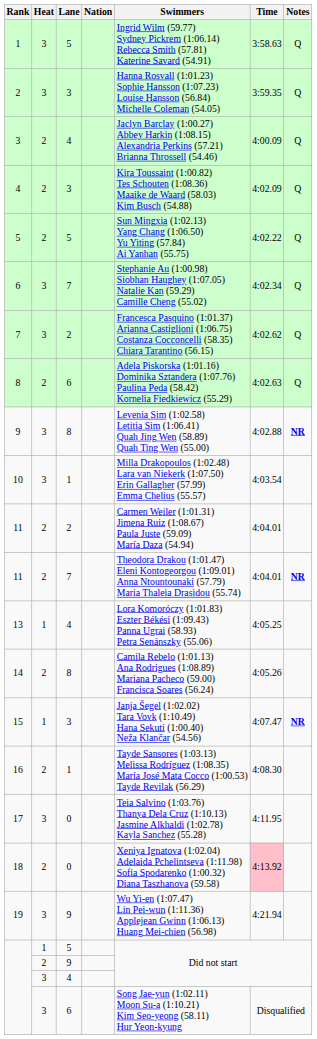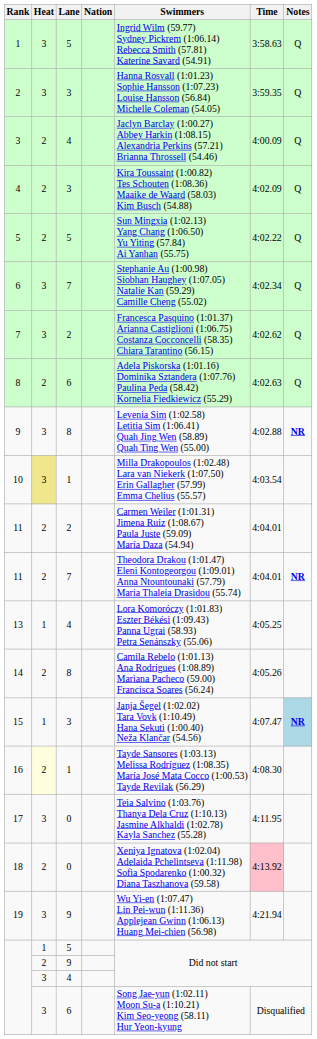 <table class="wikitable sortable" style="text-align:center">
 <tr>
 <th>Rank</th>
 <th>Heat</th>
 <th>Lane</th>
 <th>Nation</th>
 <th>Swimmers</th>
 <th>Time</th>
 <th>Notes</th>
 </tr>
 <tr bgcolor=ccffcc>
 <td>1</td>
 <td>3</td>
 <td>5</td>
 <td align=left></td>
 <td align=left><a href='#'>Ingrid Wilm</a> (59.77)<br><a href='#'>Sydney Pickrem</a> (1:06.14)<br><a href='#'>Rebecca Smith</a> (57.81)<br><a href='#'>Katerine Savard</a> (54.91)</td>
 <td>3:58.63</td>
 <td>Q</td>
 </tr>
 <tr bgcolor=ccffcc>
 <td>2</td>
 <td>3</td>
 <td>3</td>
 <td align=left></td>
 <td align=left><a href='#'>Hanna Rosvall</a> (1:01.23)<br><a href='#'>Sophie Hansson</a> (1:07.23)<br><a href='#'>Louise Hansson</a> (56.84)<br><a href='#'>Michelle Coleman</a> (54.05)</td>
 <td>3:59.35</td>
 <td>Q</td>
 </tr>
 <tr bgcolor=ccffcc>
 <td>3</td>
 <td>2</td>
 <td>4</td>
 <td align=left></td>
 <td align=left><a href='#'>Jaclyn Barclay</a> (1:00.27)<br><a href='#'>Abbey Harkin</a> (1:08.15)<br><a href='#'>Alexandria Perkins</a> (57.21)<br><a href='#'>Brianna Throssell</a> (54.46)</td>
 <td>4:00.09</td>
 <td>Q</td>
 </tr>
 <tr bgcolor=ccffcc>
 <td>4</td>
 <td>2</td>
 <td>3</td>
 <td align=left></td>
 <td align=left><a href='#'>Kira Toussaint</a> (1:00.82)<br><a href='#'>Tes Schouten</a> (1:08.36)<br><a href='#'>Maaike de Waard</a> (58.03)<br><a href='#'>Kim Busch</a> (54.88)</td>
 <td>4:02.09</td>
 <td>Q</td>
 </tr>
 <tr bgcolor=ccffcc>
 <td>5</td>
 <td>2</td>
 <td>5</td>
 <td align=left></td>
 <td align=left><a href='#'>Sun Mingxia</a> (1:02.13)<br><a href='#'>Yang Chang</a> (1:06.50)<br><a href='#'>Yu Yiting</a> (57.84)<br><a href='#'>Ai Yanhan</a> (55.75)</td>
 <td>4:02.22</td>
 <td>Q</td>
 </tr>
 <tr bgcolor=ccffcc>
 <td>6</td>
 <td>3</td>
 <td>7</td>
 <td align=left></td>
 <td align=left><a href='#'>Stephanie Au</a> (1:00.98)<br><a href='#'>Siobhan Haughey</a> (1:07.05)<br><a href='#'>Natalie Kan</a> (59.29)<br><a href='#'>Camille Cheng</a> (55.02)</td>
 <td>4:02.34</td>
 <td>Q</td>
 </tr>
 <tr bgcolor=ccffcc>
 <td>7</td>
 <td>3</td>
 <td>2</td>
 <td align=left></td>
 <td align=left><a href='#'>Francesca Pasquino</a> (1:01.37)<br><a href='#'>Arianna Castiglioni</a> (1:06.75)<br><a href='#'>Costanza Cocconcelli</a> (58.35)<br><a href='#'>Chiara Tarantino</a> (56.15)</td>
 <td>4:02.62</td>
 <td>Q</td>
 </tr>
 <tr bgcolor=ccffcc>
 <td>8</td>
 <td>2</td>
 <td>6</td>
 <td align=left></td>
 <td align=left><a href='#'>Adela Piskorska</a> (1:01.16)<br><a href='#'>Dominika Sztandera</a> (1:07.76)<br><a href='#'>Paulina Peda</a> (58.42)<br><a href='#'>Kornelia Fiedkiewicz</a> (55.29)</td>
 <td>4:02.63</td>
 <td>Q</td>
 </tr>
 <tr>
 <td>9</td>
 <td>3</td>
 <td>8</td>
 <td align=left></td>
 <td align=left><a href='#'>Levenia Sim</a> (1:02.58)<br><a href='#'>Letitia Sim</a> (1:06.41)<br><a href='#'>Quah Jing Wen</a> (58.89)<br><a href='#'>Quah Ting Wen</a> (55.00)</td>
 <td>4:02.88</td>
 <td><strong><a href='#'>NR</a></strong></td>
 </tr>
 <tr>
 <td>10</td>
-<td>3</td>
+<td style="background: khaki;">3</td>
 <td>1</td>
 <td align=left></td>
 <td align=left><a href='#'>Milla Drakopoulos</a> (1:02.48)<br><a href='#'>Lara van Niekerk</a> (1:07.50)<br><a href='#'>Erin Gallagher</a> (57.99)<br><a href='#'>Emma Chelius</a> (55.57)</td>
 <td>4:03.54</td>
 <td></td>
 </tr>
 <tr>
 <td>11</td>
 <td>2</td>
 <td>2</td>
 <td align=left></td>
 <td align=left><a href='#'>Carmen Weiler</a>  (1:01.31)<br><a href='#'>Jimena Ruiz</a> (1:08.67)<br><a href='#'>Paula Juste</a> (59.09)<br><a href='#'>María Daza</a> (54.94)</td>
 <td>4:04.01</td>
 <td></td>
 </tr>
 <tr>
 <td>11</td>
 <td>2</td>
 <td>7</td>
 <td align=left></td>
 <td align=left><a href='#'>Theodora Drakou</a> (1:01.47)<br><a href='#'>Eleni Kontogeorgou</a> (1:09.01)<br><a href='#'>Anna Ntountounaki</a> (57.79)<br><a href='#'>Maria Thaleia Drasidou</a> (55.74)</td>
 <td>4:04.01</td>
 <td><strong><a href='#'>NR</a></strong></td>
 </tr>
 <tr>
 <td>13</td>
 <td>1</td>
 <td>4</td>
 <td align=left></td>
 <td align=left><a href='#'>Lora Komoróczy</a> (1:01.83)<br><a href='#'>Eszter Békési</a> (1:09.43)<br><a href='#'>Panna Ugrai</a> (58.93)<br><a href='#'>Petra Senánszky</a> (55.06)</td>
 <td>4:05.25</td>
 <td></td>
 </tr>
 <tr>
 <td>14</td>
 <td>2</td>
 <td>8</td>
 <td align=left></td>
 <td align=left><a href='#'>Camila Rebelo</a> (1:01.13)<br><a href='#'>Ana Rodrigues</a> (1:08.89)<br><a href='#'>Mariana Pacheco</a> (59.00)<br><a href='#'>Francisca Soares</a> (56.24)</td>
 <td>4:05.26</td>
 <td></td>
 </tr>
 <tr>
 <td>15</td>
 <td>1</td>
 <td>3</td>
 <td align=left></td>
 <td align=left><a href='#'>Janja Šegel</a> (1:02.02)<br><a href='#'>Tara Vovk</a> (1:10.49)<br><a href='#'>Hana Sekuti</a> (1:00.40)<br><a href='#'>Neža Klančar</a> (54.56)</td>
 <td>4:07.47</td>
-<td><strong><a href='#'>NR</a></strong></td>
+<td style="background: lightblue;"><strong><a href='#'>NR</a></strong></td>
 </tr>
 <tr>
 <td>16</td>
-<td>2</td>
+<td style="background: lightyellow;">2</td>
 <td>1</td>
 <td align=left></td>
 <td align=left><a href='#'>Tayde Sansores</a> (1:03.13)<br><a href='#'>Melissa Rodríguez</a> (1:08.35)<br><a href='#'>María José Mata Cocco</a> (1:00.53)<br><a href='#'>Tayde Revilak</a> (56.29)</td>
 <td>4:08.30</td>
 <td></td>
 </tr>
 <tr>
 <td>17</td>
 <td>3</td>
 <td>0</td>
 <td align=left></td>
 <td align=left><a href='#'>Teia Salvino</a> (1:03.76)<br><a href='#'>Thanya Dela Cruz</a> (1:10.13)<br><a href='#'>Jasmine Alkhaldi</a> (1:02.78)<br><a href='#'>Kayla Sanchez</a> (55.28)</td>
 <td>4:11.95</td>
 <td></td>
 </tr>
 <tr>
 <td>18</td>
 <td>2</td>
 <td>0</td>
 <td align=left></td>
 <td align=left><a href='#'>Xeniya Ignatova</a> (1:02.04)<br><a href='#'>Adelaida Pchelintseva</a> (1:11.98)<br><a href='#'>Sofia Spodarenko</a> (1:00.32)<br><a href='#'>Diana Taszhanova</a> (59.58)</td>
 <td style="background: pink;">4:13.92</td>
 <td></td>
 </tr>
 <tr>
 <td>19</td>
 <td>3</td>
 <td>9</td>
 <td align=left></td>
 <td align=left><a href='#'>Wu Yi-en</a> (1:07.47)<br><a href='#'>Lin Pei-wun</a> (1:11.36)<br><a href='#'>Applejean Gwinn</a> (1:06.13)<br><a href='#'>Huang Mei-chien</a> (56.98)</td>
 <td>4:21.94</td>
 <td></td>
 </tr>
 <tr>
 <td rowspan=4></td>
 <td>1</td>
 <td>5</td>
 <td align=left></td>
 <td rowspan=3 colspan=3>Did not start</td>
 </tr>
 <tr>
 <td>2</td>
 <td>9</td>
 <td align=left></td>
 </tr>
 <tr>
 <td>3</td>
 <td>4</td>
 <td align=left></td>
 </tr>
 <tr>
 <td>3</td>
 <td>6</td>
 <td align=left></td>
 <td align=left><a href='#'>Song Jae-yun</a> (1:02.11)<br><a href='#'>Moon Su-a</a> (1:10.21)<br><a href='#'>Kim Seo-yeong</a> (58.11)<br><a href='#'>Hur Yeon-kyung</a></td>
 <td colspan=2>Disqualified</td>
 </tr>
 </table>
